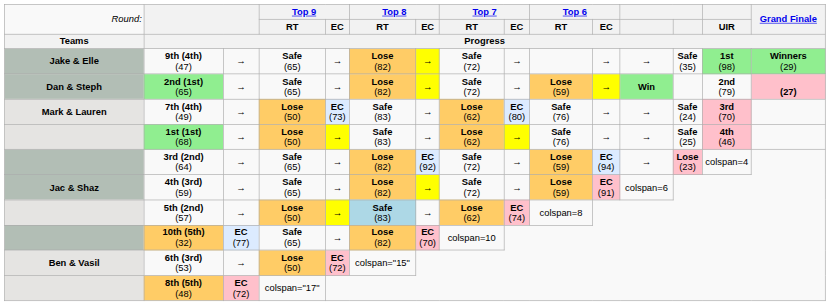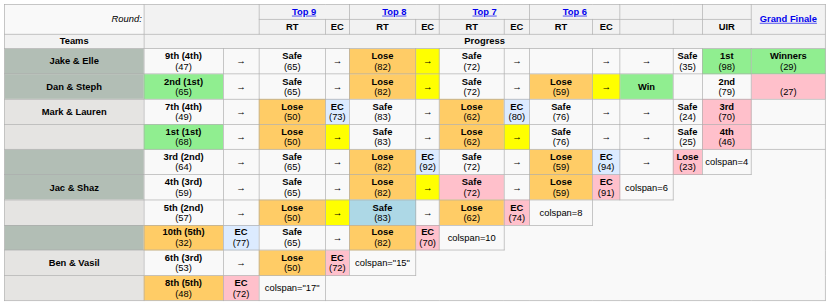 <table class="wikitable" style="width:100%; text-align:center; font-size:90%; line-height:16px;">
 <tr>
 <td style="text-align:right;" rowspan="2" style="width:14%"><em>Round:</em></td>
 <th rowspan=2 colspan=2 style="width:14%"><a href='#'></a></th>
 <th colspan=2 style="width:11%"><a href='#'>Top 9</a></th>
 <th colspan=2 style="width:11%"><a href='#'>Top 8</a></th>
 <th colspan=2 style="width:11%"><a href='#'>Top 7</a></th>
 <th colspan=2 style="width:11%"><a href='#'>Top 6</a></th>
 <th colspan="2" style="width:10%;"><a href='#'></a></th>
 <th style="width:6%"><a href='#'></a></th>
 <th rowspan="2" style="width:9%"><a href='#'>Grand Finale</a></th>
 </tr>
 <tr>
 <th>RT</th>
 <th>EC</th>
 <th>RT</th>
 <th>EC</th>
 <th>RT</th>
 <th>EC</th>
 <th>RT</th>
 <th>EC</th>
 <th></th>
 <th></th>
 <th>UIR</th>
 </tr>
 <tr>
 <th>Teams</th>
 <th colspan="16">Progress</th>
 </tr>
 <tr>
 <th style="background:#B2BEB5">Jake & Elle</th>
 <td><strong>9th (4th)</strong> <br>(47)</td>
 <td>→</td>
 <td><strong>Safe</strong><br> (65)</td>
 <td>→</td>
 <td style="text-align:center; background:#FFCC66"><strong>Lose</strong> <br>(82)</td>
 <td bgcolor=yellow>→</td>
 <td><strong>Safe</strong><br>(72)</td>
 <td>→</td>
 <td></td>
 <td>→</td>
 <td>→</td>
 <td><strong>Safe</strong> <br> (35)</td>
 <td bgcolor=lightgreen><strong>1st</strong> <br> (98)</td>
 <td bgcolor=lightgreen><strong>Winners</strong><br>(29)</td>
 </tr>
 <tr>
 <th style="background:#B2BEB5">Dan & Steph</th>
 <td style="background:lightgreen; text-align:center"><strong>2nd (1st)</strong> <br> (65)</td>
 <td>→</td>
 <td><strong>Safe</strong><br> (65)</td>
 <td>→</td>
 <td style="text-align:center; background:#FFCC66"><strong>Lose</strong> <br> (82)</td>
 <td bgcolor=yellow>→</td>
 <td><strong>Safe</strong><br>(72)</td>
 <td>→</td>
 <td style="text-align:center; background:#FFCC66"><strong>Lose</strong> <br>(59)</td>
 <td bgcolor=yellow>→</td>
 <td bgcolor=lightgreen><strong>Win</strong></td>
 <td></td>
 <td><strong>2nd</strong><br>(79)</td>
-<td bgcolor=pink><strong><br>(27)</strong></td>
+<td bgcolor=pink><br>(27)</td>
 </tr>
 <tr>
 <th style="background:#E5E4E2">Mark & Lauren</th>
 <td><strong>7th (4th)</strong><br>(49)</td>
 <td>→</td>
 <td style="text-align:center; background:#FFCC66"><strong>Lose</strong> <br> (50)</td>
 <td style="text-align:center; background:#DCEBFF;"><strong>EC</strong> <br>(73)</td>
 <td><strong>Safe</strong><br> (83)</td>
 <td>→</td>
 <td style="text-align:center; background:#FFCC66"><strong>Lose</strong> <br> (62)</td>
 <td style="text-align:center; background:#DCEBFF;"><strong>EC</strong><br> (80)</td>
 <td><strong>Safe</strong><br>(76)</td>
 <td>→</td>
 <td>→</td>
 <td><strong>Safe</strong> <br> (24)</td>
 <td bgcolor=pink><strong>3rd</strong><br>(70)</td>
 <td></td>
 </tr>
 <tr>
 <th style="background:#E5E4E2"></th>
 <td style="background:lightgreen; text-align:center"><strong>1st (1st)</strong> <br> (68)</td>
 <td>→</td>
 <td style="text-align:center; background:#FFCC66"><strong>Lose</strong> <br> (50)</td>
 <td bgcolor=yellow>→</td>
 <td><strong>Safe</strong><br> (83)</td>
 <td>→</td>
 <td style="text-align:center; background:#FFCC66"><strong>Lose</strong> <br> (62)</td>
 <td bgcolor=yellow>→</td>
 <td><strong>Safe</strong><br>(76)</td>
 <td>→</td>
 <td>→</td>
 <td><strong>Safe</strong> <br> (25)</td>
 <td bgcolor=pink><strong>4th</strong><br>(46)</td>
 <td></td>
 </tr>
 <tr>
 <th style="background:#B2BEB5"></th>
 <td><strong>3rd (2nd)</strong> <br> (64)</td>
 <td>→</td>
 <td><strong>Safe</strong><br> (65)</td>
 <td>→</td>
 <td style="text-align:center; background:#FFCC66"><strong>Lose</strong> <br> (82)</td>
 <td style="text-align:center; background:#DCEBFF;"><strong>EC</strong><br> (92)</td>
 <td><strong>Safe</strong><br>(72)</td>
 <td>→</td>
 <td style="text-align:center; background:#FFCC66"><strong>Lose</strong> <br>(59)</td>
 <td style="text-align:center; background:#DCEBFF;"><strong>EC</strong><br> (94)</td>
 <td>→</td>
 <td bgcolor=pink><strong>Lose</strong><br>(23)</td>
 <td>colspan=4 </td>
 </tr>
 <tr>
 <th style="background:#B2BEB5">Jac & Shaz</th>
 <td><strong>4th (3rd)</strong> <br> (59)</td>
 <td>→</td>
 <td><strong>Safe</strong><br> (65)</td>
 <td>→</td>
 <td style="text-align:center; background:#FFCC66"><strong>Lose</strong> <br>(82)</td>
 <td bgcolor=yellow>→</td>
-<td><strong>Safe</strong><br>(72)</td>
+<td style="background: pink;"><strong>Safe</strong><br>(72)</td>
 <td>→</td>
 <td style="text-align:center; background:#FFCC66"><strong>Lose</strong> <br>(59)</td>
 <td bgcolor=pink><strong>EC</strong><br>(91)</td>
 <td>colspan=6 </td>
 </tr>
 <tr>
 <th style="background:#E5E4E2"></th>
 <td><strong>5th (2nd)</strong> <br> (57)</td>
 <td>→</td>
 <td style="text-align:center; background:#FFCC66"><strong>Lose</strong> <br> (50)</td>
 <td bgcolor=yellow>→</td>
 <td style="background: lightblue;"><strong>Safe</strong><br> (83)</td>
 <td>→</td>
 <td style="text-align:center; background:#FFCC66"><strong>Lose</strong> <br> (62)</td>
 <td bgcolor=pink><strong>EC</strong><br>(74)</td>
 <td>colspan=8 </td>
 </tr>
 <tr>
 <th style="background:#B2BEB5"></th>
 <td style="text-align:center; background:#FFCC66"><strong>10th (5th)</strong> <br>(32)</td>
 <td style="text-align:center; background:#DCEBFF;"><strong>EC</strong> <br> (77)</td>
 <td><strong>Safe</strong><br> (65)</td>
 <td>→</td>
 <td style="text-align:center; background:#FFCC66"><strong>Lose</strong> <br>(82)</td>
 <td bgcolor=pink><strong>EC</strong><br>(70)</td>
 <td>colspan=10 </td>
 </tr>
 <tr>
 <th style="background:#E5E4E2">Ben & Vasil</th>
 <td><strong>6th (3rd)</strong><br>(53)</td>
 <td>→</td>
 <td style="text-align:center; background:#FFCC66"><strong>Lose</strong> <br> (50)</td>
 <td style="background:pink"><strong>EC</strong><br>(72)</td>
 <td>colspan="15" </td>
 </tr>
 <tr>
 <th style="background:#E5E4E2"></th>
 <td style="text-align:center; background:#FFCC66"><strong>8th (5th)</strong><br>(48)</td>
 <td style="text-align:center; background:pink;"><strong>EC</strong> <br> (72)</td>
 <td>colspan="17" </td>
 </tr>
 </table>
